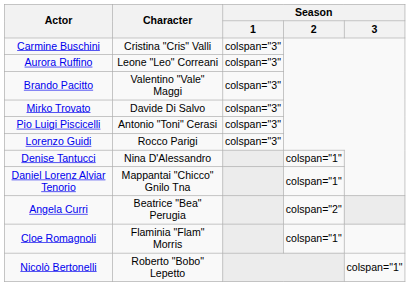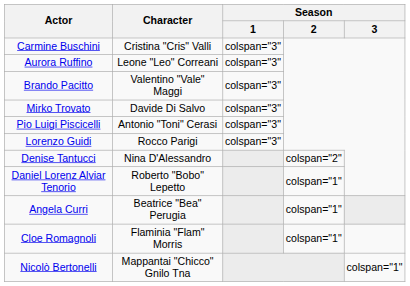 <table class="wikitable plainrowheaders" style="text-align:center">
 <tr>
 <th rowspan="2" style="width:29%;" scope="col">Actor</th>
 <th rowspan="2" style="width:29%;" scope="col">Character</th>
 <th colspan="8">Season</th>
 </tr>
 <tr>
 <th style="width:14%;" scope="col">1</th>
 <th style="width:14%;" scope="col">2</th>
 <th style="width:14%;" scope="col">3</th>
 </tr>
 <tr>
 <td><a href='#'>Carmine Buschini</a></td>
 <td>Cristina "Cris" Valli</td>
 <td>colspan="3" </td>
 </tr>
 <tr>
 <td><a href='#'>Aurora Ruffino</a></td>
 <td>Leone "Leo" Correani</td>
 <td>colspan="3" </td>
 </tr>
 <tr>
 <td><a href='#'>Brando Pacitto</a></td>
 <td>Valentino "Vale" Maggi</td>
 <td>colspan="3" </td>
 </tr>
 <tr>
 <td><a href='#'>Mirko Trovato</a></td>
 <td>Davide Di Salvo</td>
 <td>colspan="3" </td>
 </tr>
 <tr>
 <td><a href='#'>Pio Luigi Piscicelli</a></td>
 <td>Antonio "Toni" Cerasi</td>
 <td>colspan="3" </td>
 </tr>
 <tr>
 <td><a href='#'>Lorenzo Guidi</a></td>
 <td>Rocco Parigi</td>
 <td>colspan="3" </td>
 </tr>
 <tr>
 <td><a href='#'>Denise Tantucci</a></td>
 <td>Nina D'Alessandro</td>
 <td colspan="1" style="background:#ececec; text-align:center;"></td>
-<td>colspan="1" </td>
+<td>colspan="2" </td>
 </tr>
 <tr>
 <td><a href='#'>Daniel Lorenz Alviar Tenorio</a></td>
-<td>Mappantai "Chicco" Gnilo Tna</td>
+<td>Roberto "Bobo" Lepetto</td>
 <td colspan="1" style="background:#ececec; text-align:center;"></td>
 <td>colspan="1" </td>
 </tr>
 <tr>
 <td><a href='#'>Angela Curri</a></td>
 <td>Beatrice "Bea" Perugia</td>
 <td colspan="1" style="background:#ececec; text-align:center;"></td>
-<td>colspan="2" </td>
+<td>colspan="1" </td>
 <td colspan="1" style="background:#ececec; text-align:center;"></td>
 </tr>
 <tr>
 <td><a href='#'>Cloe Romagnoli</a></td>
 <td>Flaminia "Flam" Morris</td>
 <td colspan="1" style="background:#ececec; text-align:center;"></td>
 <td>colspan="1" </td>
 </tr>
 <tr>
 <td><a href='#'>Nicolò Bertonelli</a></td>
-<td>Roberto "Bobo" Lepetto</td>
+<td>Mappantai "Chicco" Gnilo Tna</td>
 <td colspan="2" style="background:#ececec; text-align:center;"></td>
 <td>colspan="1" </td>
 </tr>
 </table>
